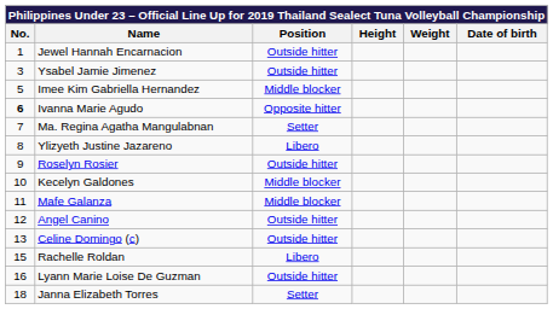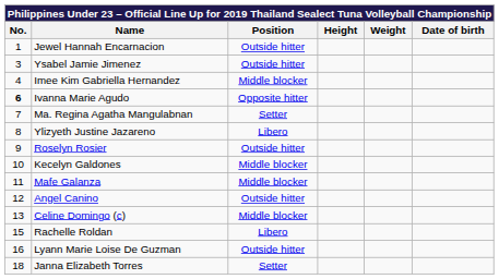 <table class="wikitable sortable" style="font-size:85%; text-align:left;">
 <tr>
 <th colspan=10 style="background:#1F174E; color:#FFFFFF;">Philippines Under 23 – Official Line Up for 2019 Thailand Sealect Tuna Volleyball Championship</th>
 </tr>
 <tr>
 <th style= align=center "background:#0038A8; color:white;">No.</th>
 <th style= align=center "width:15em; background:#0038A8; color:white;">Name</th>
 <th style= align=center "background:#0038A8; color:white;">Position</th>
 <th style= align=center "width:10em; background:#0038A8; color:white;">Height</th>
 <th style= align=center "width:10em; background:#0038A8; color:white;">Weight</th>
 <th style= align=center "width:14em; background:#0038A8; color:white;">Date of birth</th>
 </tr>
 <tr align=center>
 <td>1</td>
 <td align=left>Jewel Hannah Encarnacion</td>
 <td><a href='#'>Outside hitter</a></td>
 <td></td>
 <td></td>
 <td align=right></td>
 </tr>
 <tr align=center>
 <td>3</td>
 <td align=left>Ysabel Jamie Jimenez</td>
 <td><a href='#'>Outside hitter</a></td>
 <td></td>
 <td></td>
 <td align=right></td>
 </tr>
 <tr align=center>
-<td>5</td>
+<td>4</td>
 <td align=left>Imee Kim Gabriella Hernandez</td>
 <td><a href='#'>Middle blocker</a></td>
 <td></td>
 <td></td>
 <td align=right></td>
 </tr>
 <tr align=center>
 <td><strong>6</strong></td>
 <td align=left>Ivanna Marie Agudo</td>
 <td><a href='#'>Opposite hitter</a></td>
 <td></td>
 <td></td>
 <td align=right></td>
 </tr>
 <tr align=center>
 <td>7</td>
 <td align=left>Ma. Regina Agatha Mangulabnan</td>
 <td><a href='#'>Setter</a></td>
 <td></td>
 <td></td>
 <td align=right></td>
 </tr>
 <tr align=center>
 <td>8</td>
 <td align=left>Ylizyeth Justine Jazareno</td>
 <td><a href='#'>Libero</a></td>
 <td></td>
 <td></td>
 <td align=right></td>
 </tr>
 <tr align=center>
 <td>9</td>
 <td align=left><a href='#'>Roselyn Rosier</a></td>
 <td><a href='#'>Outside hitter</a></td>
 <td></td>
 <td></td>
 <td align=right></td>
 </tr>
 <tr align=center>
 <td>10</td>
 <td align=left>Kecelyn Galdones</td>
 <td><a href='#'>Middle blocker</a></td>
 <td></td>
 <td></td>
 <td align=right></td>
 </tr>
 <tr align=center>
 <td>11</td>
 <td align=left><a href='#'>Mafe Galanza</a></td>
 <td><a href='#'>Middle blocker</a></td>
 <td></td>
 <td></td>
 <td align=right></td>
 </tr>
 <tr align=center>
 <td>12</td>
 <td align=left><a href='#'>Angel Canino</a></td>
 <td><a href='#'>Outside hitter</a></td>
 <td></td>
 <td></td>
 <td align=right></td>
 </tr>
 <tr align=center>
 <td>13</td>
 <td align=left><a href='#'>Celine Domingo</a> (<a href='#'>c</a>)</td>
-<td><a href='#'>Outside hitter</a></td>
+<td><a href='#'>Middle blocker</a></td>
 <td></td>
 <td></td>
 <td align=right></td>
 </tr>
 <tr align=center>
 <td>15</td>
 <td align=left>Rachelle Roldan</td>
 <td><a href='#'>Libero</a></td>
 <td></td>
 <td></td>
 <td align=right></td>
 </tr>
 <tr align=center>
 <td>16</td>
 <td align=left>Lyann Marie Loise De Guzman</td>
 <td><a href='#'>Outside hitter</a></td>
 <td></td>
 <td></td>
 <td align=right></td>
 </tr>
 <tr align=center>
 <td>18</td>
 <td align=left>Janna Elizabeth Torres</td>
 <td><a href='#'>Setter</a></td>
 <td></td>
 <td></td>
 <td align=right></td>
 </tr>
 </table>
